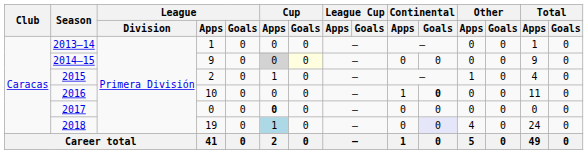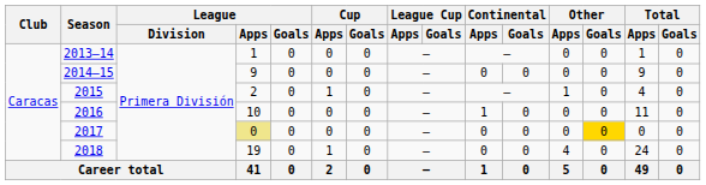 <table class="wikitable" style="text-align:center">
 <tr>
 <th rowspan="2">Club</th>
 <th rowspan="2">Season</th>
 <th colspan="3">League</th>
 <th colspan="2">Cup</th>
 <th colspan="2">League Cup</th>
 <th colspan="2">Continental</th>
 <th colspan="2">Other</th>
 <th colspan="2">Total</th>
 </tr>
 <tr>
 <th>Division</th>
 <th>Apps</th>
 <th>Goals</th>
 <th>Apps</th>
 <th>Goals</th>
 <th>Apps</th>
 <th>Goals</th>
 <th>Apps</th>
 <th>Goals</th>
 <th>Apps</th>
 <th>Goals</th>
 <th>Apps</th>
 <th>Goals</th>
 </tr>
 <tr>
 <td rowspan="6"><a href='#'>Caracas</a></td>
 <td><a href='#'>2013–14</a></td>
 <td rowspan="6"><a href='#'>Primera División</a></td>
 <td>1</td>
 <td>0</td>
 <td>0</td>
 <td>0</td>
 <td colspan="2">—</td>
 <td colspan="2">—</td>
 <td>0</td>
 <td>0</td>
 <td>1</td>
 <td>0</td>
 </tr>
 <tr>
 <td><a href='#'>2014–15</a></td>
 <td>9</td>
 <td>0</td>
-<td style="background: lightgrey;">0</td>
-<td style="background: lightyellow;">0</td>
+<td>0</td>
+<td>0</td>
 <td colspan="2">—</td>
 <td>0</td>
 <td>0</td>
 <td>0</td>
 <td>0</td>
 <td>9</td>
 <td>0</td>
 </tr>
 <tr>
 <td><a href='#'>2015</a></td>
 <td>2</td>
 <td>0</td>
 <td>1</td>
 <td>0</td>
 <td colspan="2">—</td>
 <td colspan="2">—</td>
 <td>1</td>
 <td>0</td>
 <td>4</td>
 <td>0</td>
 </tr>
 <tr>
 <td><a href='#'>2016</a></td>
 <td>10</td>
 <td>0</td>
 <td>0</td>
 <td>0</td>
 <td colspan="2">—</td>
 <td>1</td>
-<td><strong>0</strong></td>
+<td>0</td>
 <td>0</td>
 <td>0</td>
 <td>11</td>
 <td>0</td>
 </tr>
 <tr>
 <td><a href='#'>2017</a></td>
+<td style="background: khaki;">0</td>
 <td>0</td>
 <td>0</td>
-<td><strong>0</strong></td>
 <td>0</td>
 <td colspan="2">—</td>
 <td>0</td>
 <td>0</td>
 <td>0</td>
-<td>0</td>
+<td style="background: gold;">0</td>
 <td>0</td>
 <td>0</td>
 </tr>
 <tr>
 <td><a href='#'>2018</a></td>
 <td>19</td>
 <td>0</td>
-<td style="background: lightblue;">1</td>
+<td>1</td>
 <td>0</td>
 <td colspan="2">—</td>
 <td>0</td>
-<td style="background: lavender;">0</td>
+<td>0</td>
 <td>4</td>
 <td>0</td>
 <td>24</td>
 <td>0</td>
 </tr>
 <tr>
 <th colspan="3">Career total</th>
 <th>41</th>
 <th>0</th>
 <th>2</th>
 <th>0</th>
 <th colspan="2">—</th>
 <th>1</th>
 <th>0</th>
 <th>5</th>
 <th>0</th>
 <th>49</th>
 <th>0</th>
 </tr>
 </table>
